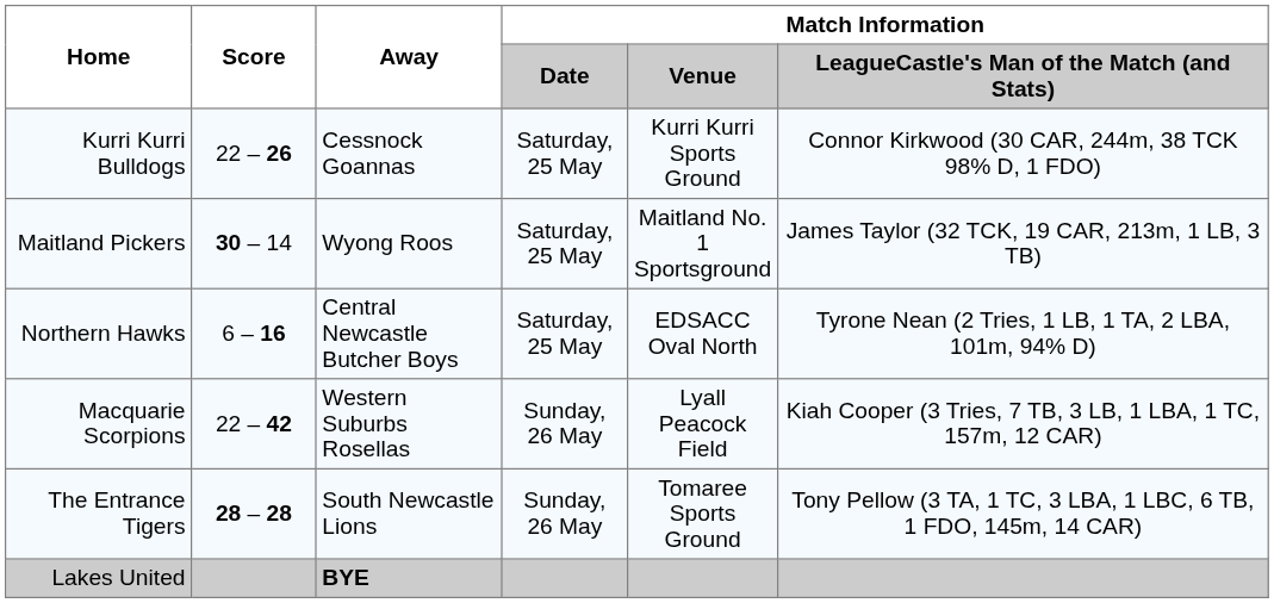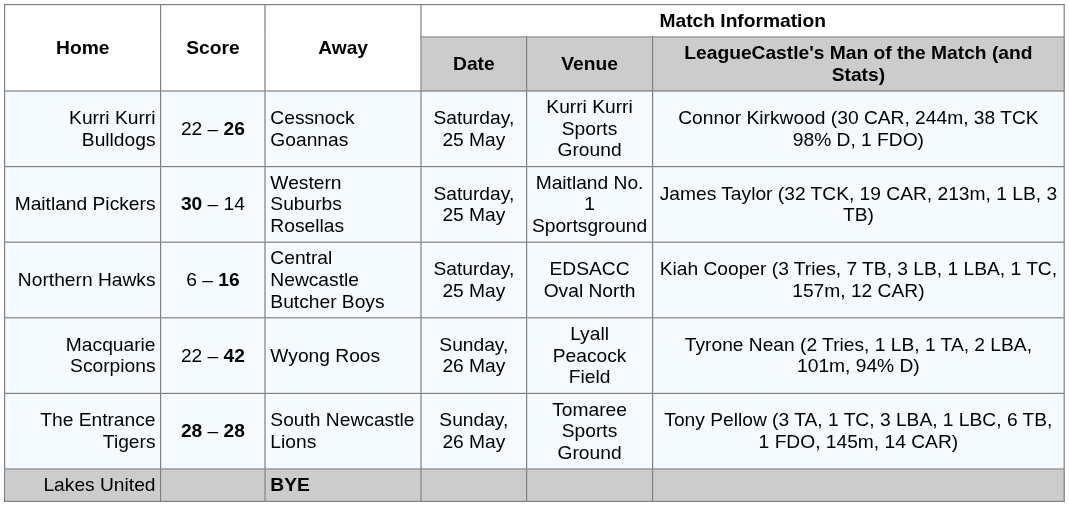 <table width="100%" cellspacing="0" cellpadding="4" border="1" style="border-collapse:collapse;  text-align:center;">
 <tr>
 <th rowspan="2" width="15%">Home</th>
 <th rowspan="2" width="10%">Score</th>
 <th rowspan="2" width="15%">Away</th>
 <th colspan="4">Match Information</th>
 </tr>
 <tr style="background:#CCCCCC">
 <th width="10%">Date</th>
 <th width="10%">Venue</th>
 <th width="40%">LeagueCastle's Man of the Match (and Stats)</th>
 </tr>
 <tr style="text-align:center; background:#f5faff;">
 <td align="right"> Kurri Kurri Bulldogs</td>
 <td>22 – <strong>26</strong></td>
 <td align="left"> Cessnock Goannas</td>
 <td>Saturday, 25 May</td>
 <td>Kurri Kurri Sports Ground</td>
 <td>Connor Kirkwood  (30 CAR, 244m, 38 TCK 98% D, 1 FDO)</td>
 </tr>
 <tr style="text-align:center; background:#f5faff;">
 <td align="right"> Maitland Pickers</td>
 <td><strong>30</strong> – 14</td>
-<td align="left"> Wyong Roos</td>
+<td align="left"> Western Suburbs Rosellas</td>
 <td>Saturday, 25 May</td>
 <td>Maitland No. 1 Sportsground</td>
 <td>James Taylor  (32 TCK, 19 CAR, 213m, 1 LB, 3 TB)</td>
 </tr>
 <tr style="text-align:center; background:#f5faff;">
 <td align="right"> Northern Hawks</td>
 <td>6 – <strong>16</strong></td>
 <td align="left"> Central Newcastle Butcher Boys</td>
 <td>Saturday, 25 May</td>
 <td>EDSACC Oval North</td>
-<td>Tyrone Nean  (2 Tries, 1 LB, 1 TA, 2 LBA, 101m, 94% D)</td>
+<td>Kiah Cooper  (3 Tries, 7 TB, 3 LB, 1 LBA, 1 TC, 157m, 12 CAR)</td>
 </tr>
 <tr style="text-align:center; background:#f5faff;">
 <td align="right"> Macquarie Scorpions</td>
 <td>22 – <strong>42</strong></td>
-<td align="left"> Western Suburbs Rosellas</td>
+<td align="left"> Wyong Roos</td>
 <td>Sunday, 26 May</td>
 <td>Lyall Peacock Field</td>
-<td>Kiah Cooper  (3 Tries, 7 TB, 3 LB, 1 LBA, 1 TC, 157m, 12 CAR)</td>
+<td>Tyrone Nean  (2 Tries, 1 LB, 1 TA, 2 LBA, 101m, 94% D)</td>
 </tr>
 <tr style="text-align:center; background:#f5faff;">
 <td align="right"> The Entrance Tigers</td>
 <td><strong>28</strong> – <strong>28</strong></td>
 <td align="left"> South Newcastle Lions</td>
 <td>Sunday, 26 May</td>
 <td>Tomaree Sports Ground</td>
 <td>Tony Pellow  (3 TA, 1 TC, 3 LBA, 1 LBC, 6 TB, 1 FDO, 145m, 14 CAR)</td>
 </tr>
 <tr style="text-align:center; background:#CCCCCC;">
 <td align="right"> Lakes United</td>
 <td></td>
 <td align="left"><strong>BYE</strong></td>
 <td></td>
 <td></td>
 <td></td>
 </tr>
 </table>
